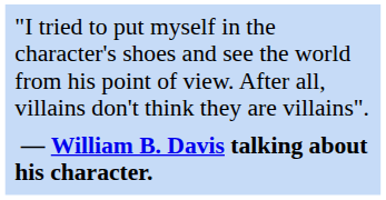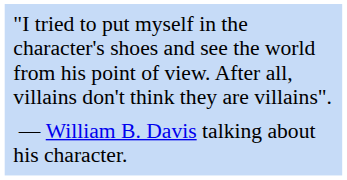 <table class="toccolours" style="float: right; margin-left: 1em; margin-right: 2em; font-size:110%%; background:#c6dbf7; color:black; width:30em; max-width: 40%;" cellspacing="5">
 <tr>
 <td style="text-align:left">"I tried to put myself in the character's shoes and see the world from his point of view. After all, villains don't think they are villains".</td>
 </tr>
 <tr>
-<td style="text-align: left;"><strong> — <a href='#'>William B. Davis</a> talking about his character.</strong></td>
+<td style="text-align: left;"> — <a href='#'>William B. Davis</a> talking about his character.</td>
 </tr>
 </table>
